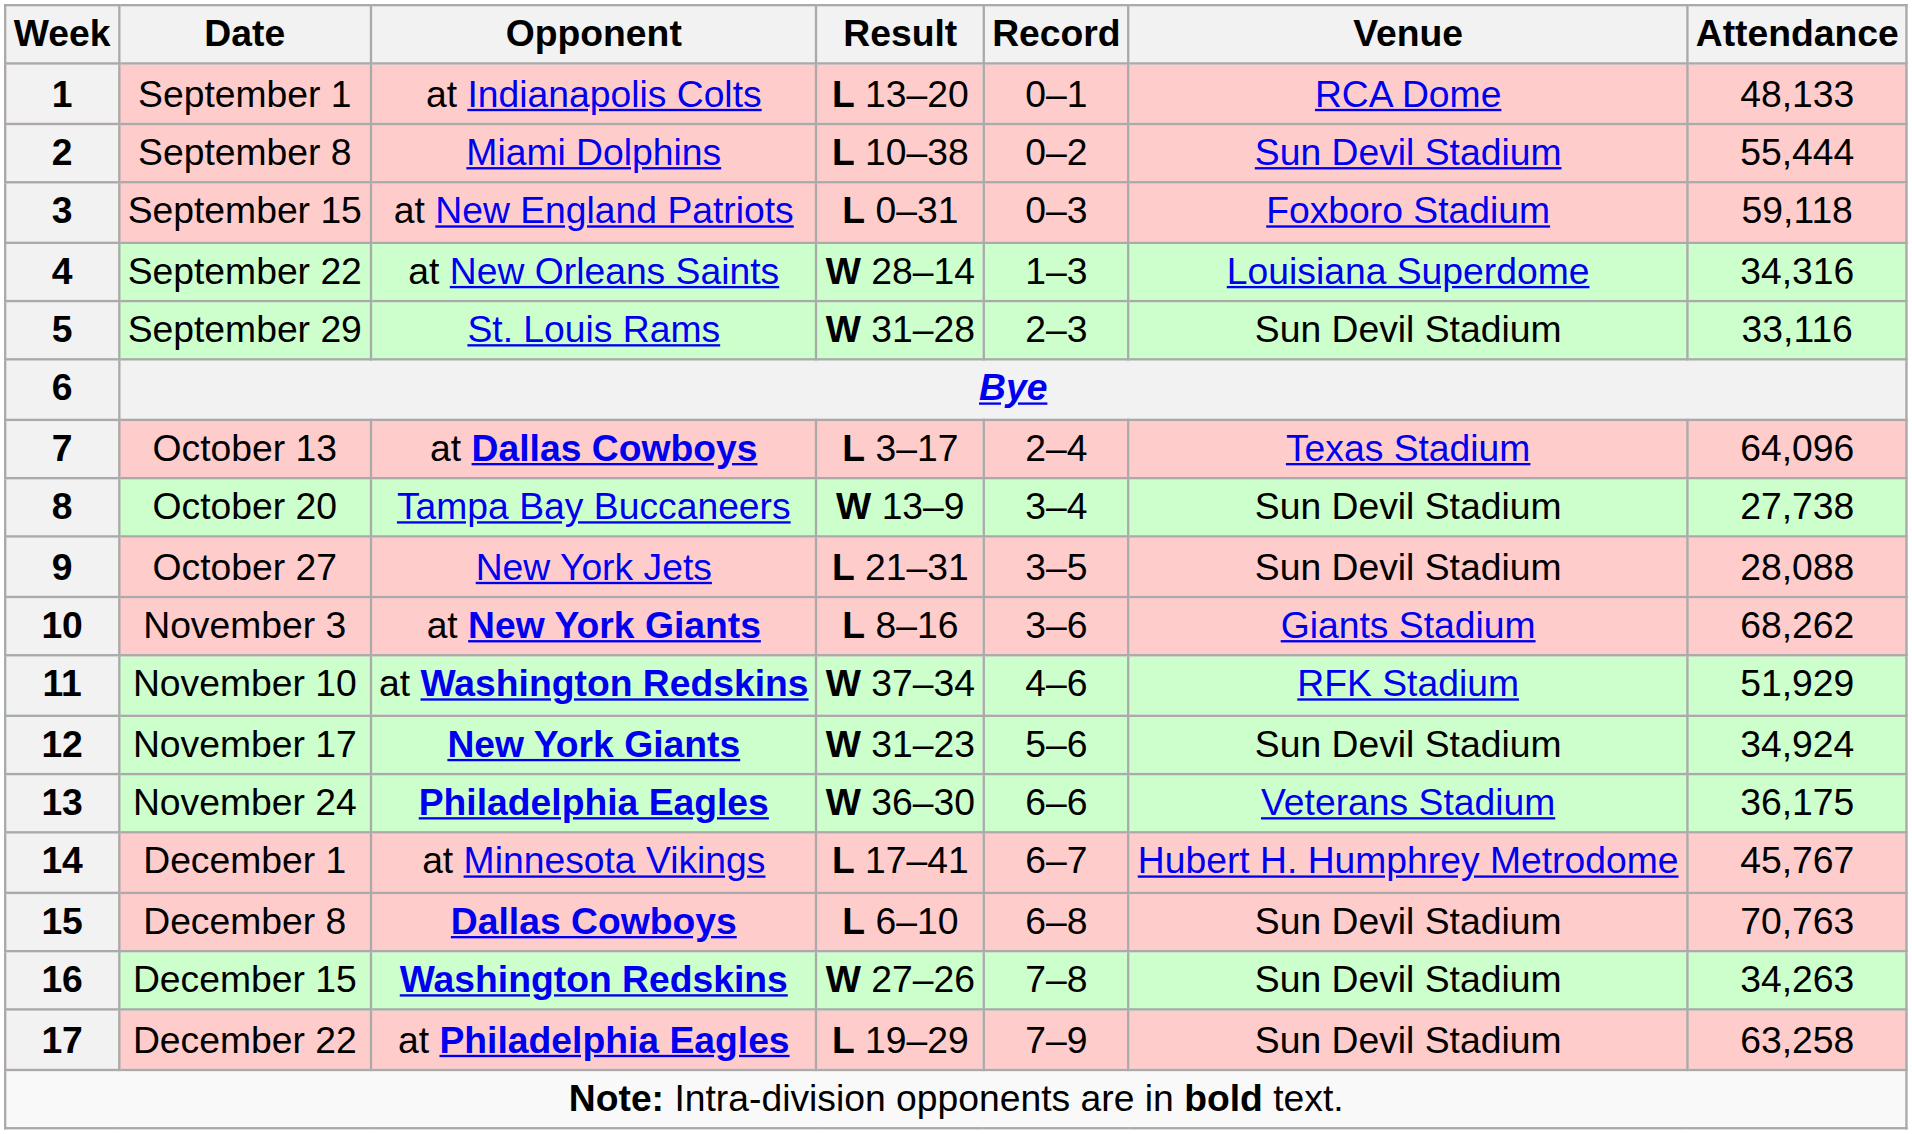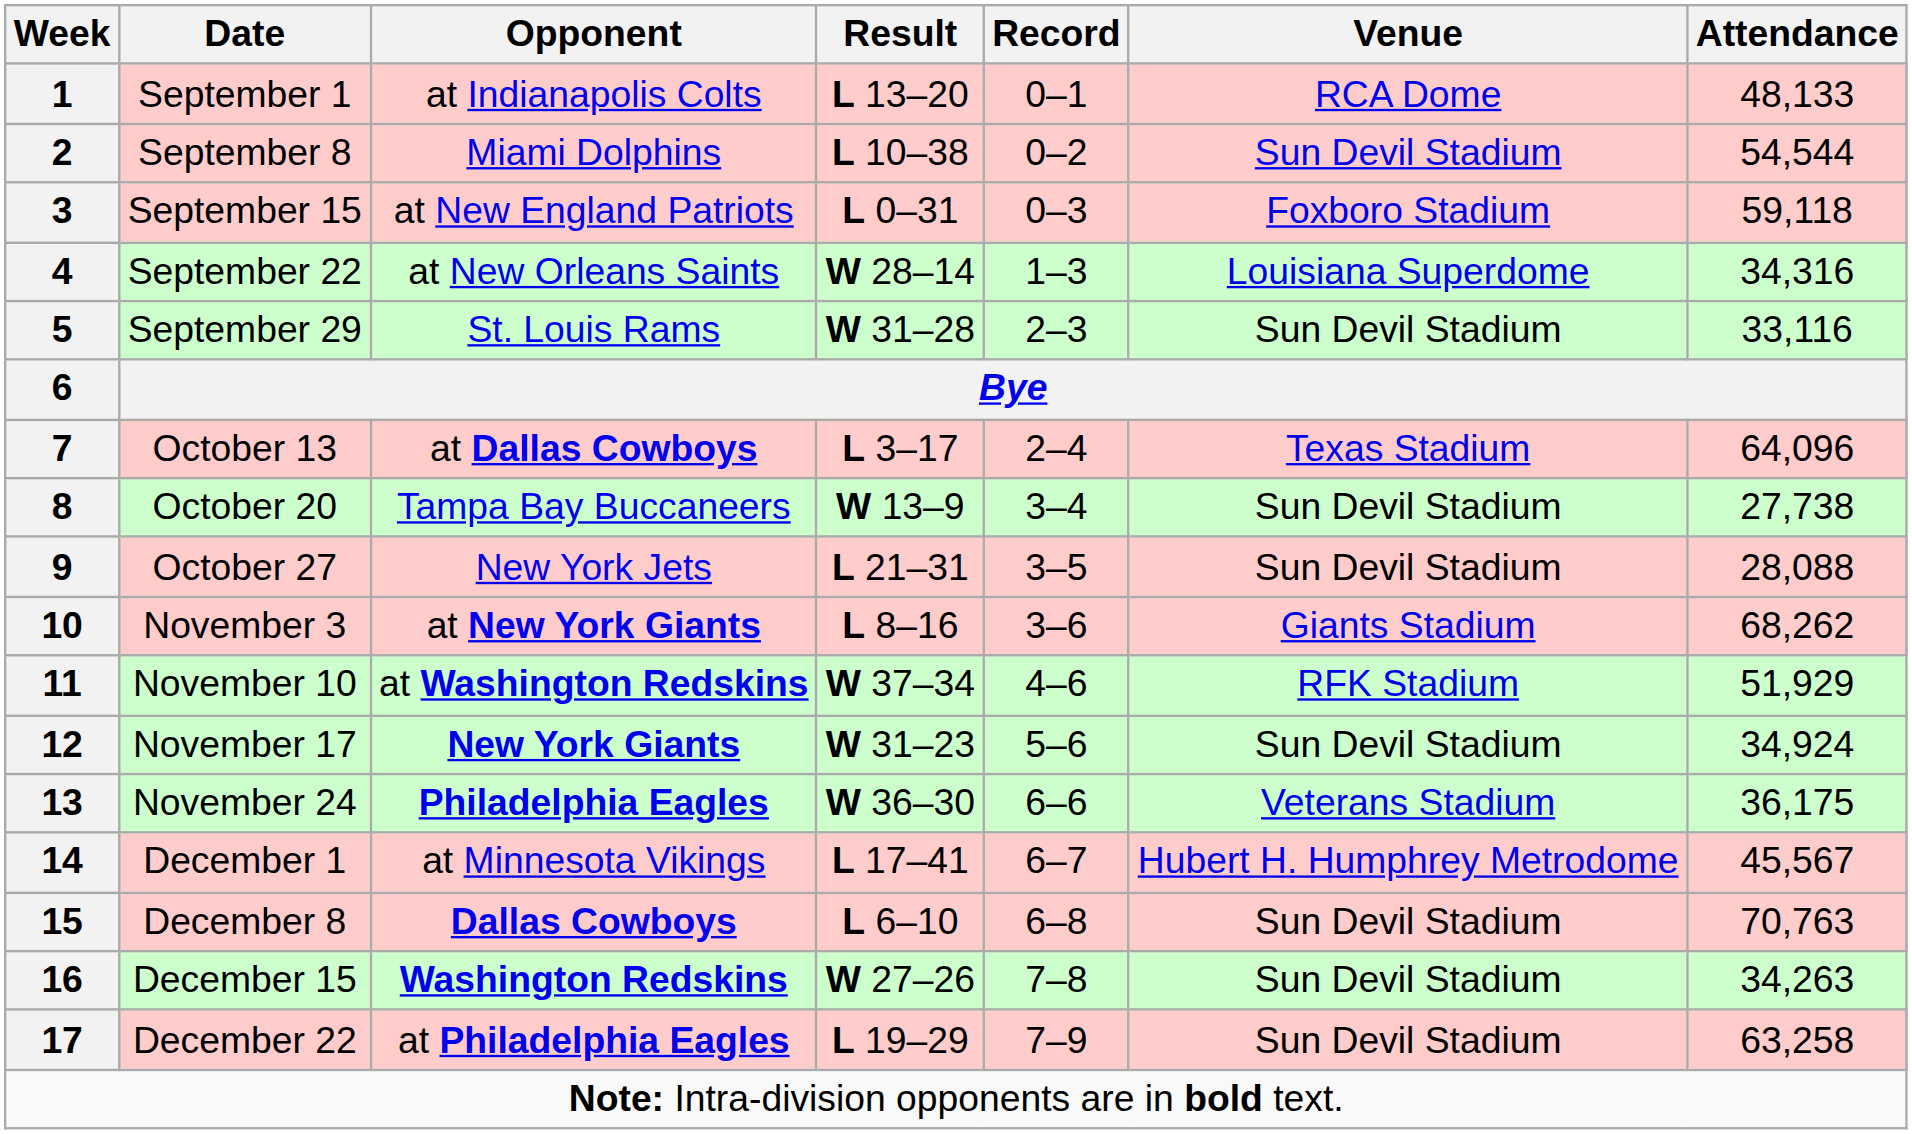 <table class="wikitable" style="text-align:center">
 <tr>
 <th>Week</th>
 <th>Date</th>
 <th>Opponent</th>
 <th>Result</th>
 <th>Record</th>
 <th>Venue</th>
 <th>Attendance</th>
 </tr>
 <tr style="background:#fcc">
 <th>1</th>
 <td>September 1</td>
 <td>at <a href='#'>Indianapolis Colts</a></td>
 <td><strong>L</strong> 13–20</td>
 <td>0–1</td>
 <td><a href='#'>RCA Dome</a></td>
 <td>48,133</td>
 </tr>
 <tr style="background:#fcc">
 <th>2</th>
 <td>September 8</td>
 <td><a href='#'>Miami Dolphins</a></td>
 <td><strong>L</strong> 10–38</td>
 <td>0–2</td>
 <td><a href='#'>Sun Devil Stadium</a></td>
-<td>55,444</td>
+<td>54,544</td>
 </tr>
 <tr style="background:#fcc">
 <th>3</th>
 <td>September 15</td>
 <td>at <a href='#'>New England Patriots</a></td>
 <td><strong>L</strong> 0–31</td>
 <td>0–3</td>
 <td><a href='#'>Foxboro Stadium</a></td>
 <td>59,118</td>
 </tr>
 <tr style="background:#cfc">
 <th>4</th>
 <td>September 22</td>
 <td>at <a href='#'>New Orleans Saints</a></td>
 <td><strong>W</strong> 28–14</td>
 <td>1–3</td>
 <td><a href='#'>Louisiana Superdome</a></td>
 <td>34,316</td>
 </tr>
 <tr style="background:#cfc">
 <th>5</th>
 <td>September 29</td>
 <td><a href='#'>St. Louis Rams</a></td>
 <td><strong>W</strong> 31–28 </td>
 <td>2–3</td>
 <td>Sun Devil Stadium</td>
 <td>33,116</td>
 </tr>
 <tr>
 <th>6</th>
 <th colspan="7"><em><a href='#'>Bye</a></em></th>
 </tr>
 <tr style="background:#fcc">
 <th>7</th>
 <td>October 13</td>
 <td>at <strong><a href='#'>Dallas Cowboys</a></strong></td>
 <td><strong>L</strong> 3–17</td>
 <td>2–4</td>
 <td><a href='#'>Texas Stadium</a></td>
 <td>64,096</td>
 </tr>
 <tr style="background:#cfc">
 <th>8</th>
 <td>October 20</td>
 <td><a href='#'>Tampa Bay Buccaneers</a></td>
 <td><strong>W</strong> 13–9</td>
 <td>3–4</td>
 <td>Sun Devil Stadium</td>
 <td>27,738</td>
 </tr>
 <tr style="background:#fcc">
 <th>9</th>
 <td>October 27</td>
 <td><a href='#'>New York Jets</a></td>
 <td><strong>L</strong> 21–31</td>
 <td>3–5</td>
 <td>Sun Devil Stadium</td>
 <td>28,088</td>
 </tr>
 <tr style="background:#fcc">
 <th>10</th>
 <td>November 3</td>
 <td>at <strong><a href='#'>New York Giants</a></strong></td>
 <td><strong>L</strong> 8–16</td>
 <td>3–6</td>
 <td><a href='#'>Giants Stadium</a></td>
 <td>68,262</td>
 </tr>
 <tr style="background:#cfc">
 <th>11</th>
 <td>November 10</td>
 <td>at <strong><a href='#'>Washington Redskins</a></strong></td>
 <td><strong>W</strong> 37–34</td>
 <td>4–6</td>
 <td><a href='#'>RFK Stadium</a></td>
 <td>51,929</td>
 </tr>
 <tr style="background:#cfc">
 <th>12</th>
 <td>November 17</td>
 <td><strong><a href='#'>New York Giants</a></strong></td>
 <td><strong>W</strong> 31–23</td>
 <td>5–6</td>
 <td>Sun Devil Stadium</td>
 <td>34,924</td>
 </tr>
 <tr style="background:#cfc">
 <th>13</th>
 <td>November 24</td>
 <td><strong><a href='#'>Philadelphia Eagles</a></strong></td>
 <td><strong>W</strong> 36–30</td>
 <td>6–6</td>
 <td><a href='#'>Veterans Stadium</a></td>
 <td>36,175</td>
 </tr>
 <tr style="background:#fcc">
 <th>14</th>
 <td>December 1</td>
 <td>at <a href='#'>Minnesota Vikings</a></td>
 <td><strong>L</strong> 17–41</td>
 <td>6–7</td>
 <td><a href='#'>Hubert H. Humphrey Metrodome</a></td>
-<td>45,767</td>
+<td>45,567</td>
 </tr>
 <tr style="background:#fcc">
 <th>15</th>
 <td>December 8</td>
 <td><strong><a href='#'>Dallas Cowboys</a></strong></td>
 <td><strong>L</strong> 6–10</td>
 <td>6–8</td>
 <td>Sun Devil Stadium</td>
 <td>70,763</td>
 </tr>
 <tr style="background:#cfc">
 <th>16</th>
 <td>December 15</td>
 <td><strong><a href='#'>Washington Redskins</a></strong></td>
 <td><strong>W</strong> 27–26</td>
 <td>7–8</td>
 <td>Sun Devil Stadium</td>
 <td>34,263</td>
 </tr>
 <tr style="background:#fcc">
 <th>17</th>
 <td>December 22</td>
 <td>at <strong><a href='#'>Philadelphia Eagles</a></strong></td>
 <td><strong>L</strong> 19–29</td>
 <td>7–9</td>
 <td>Sun Devil Stadium</td>
 <td>63,258</td>
 </tr>
 <tr>
 <td colspan="8"><strong>Note:</strong> Intra-division opponents are in <strong>bold</strong> text.</td>
 </tr>
 </table>
